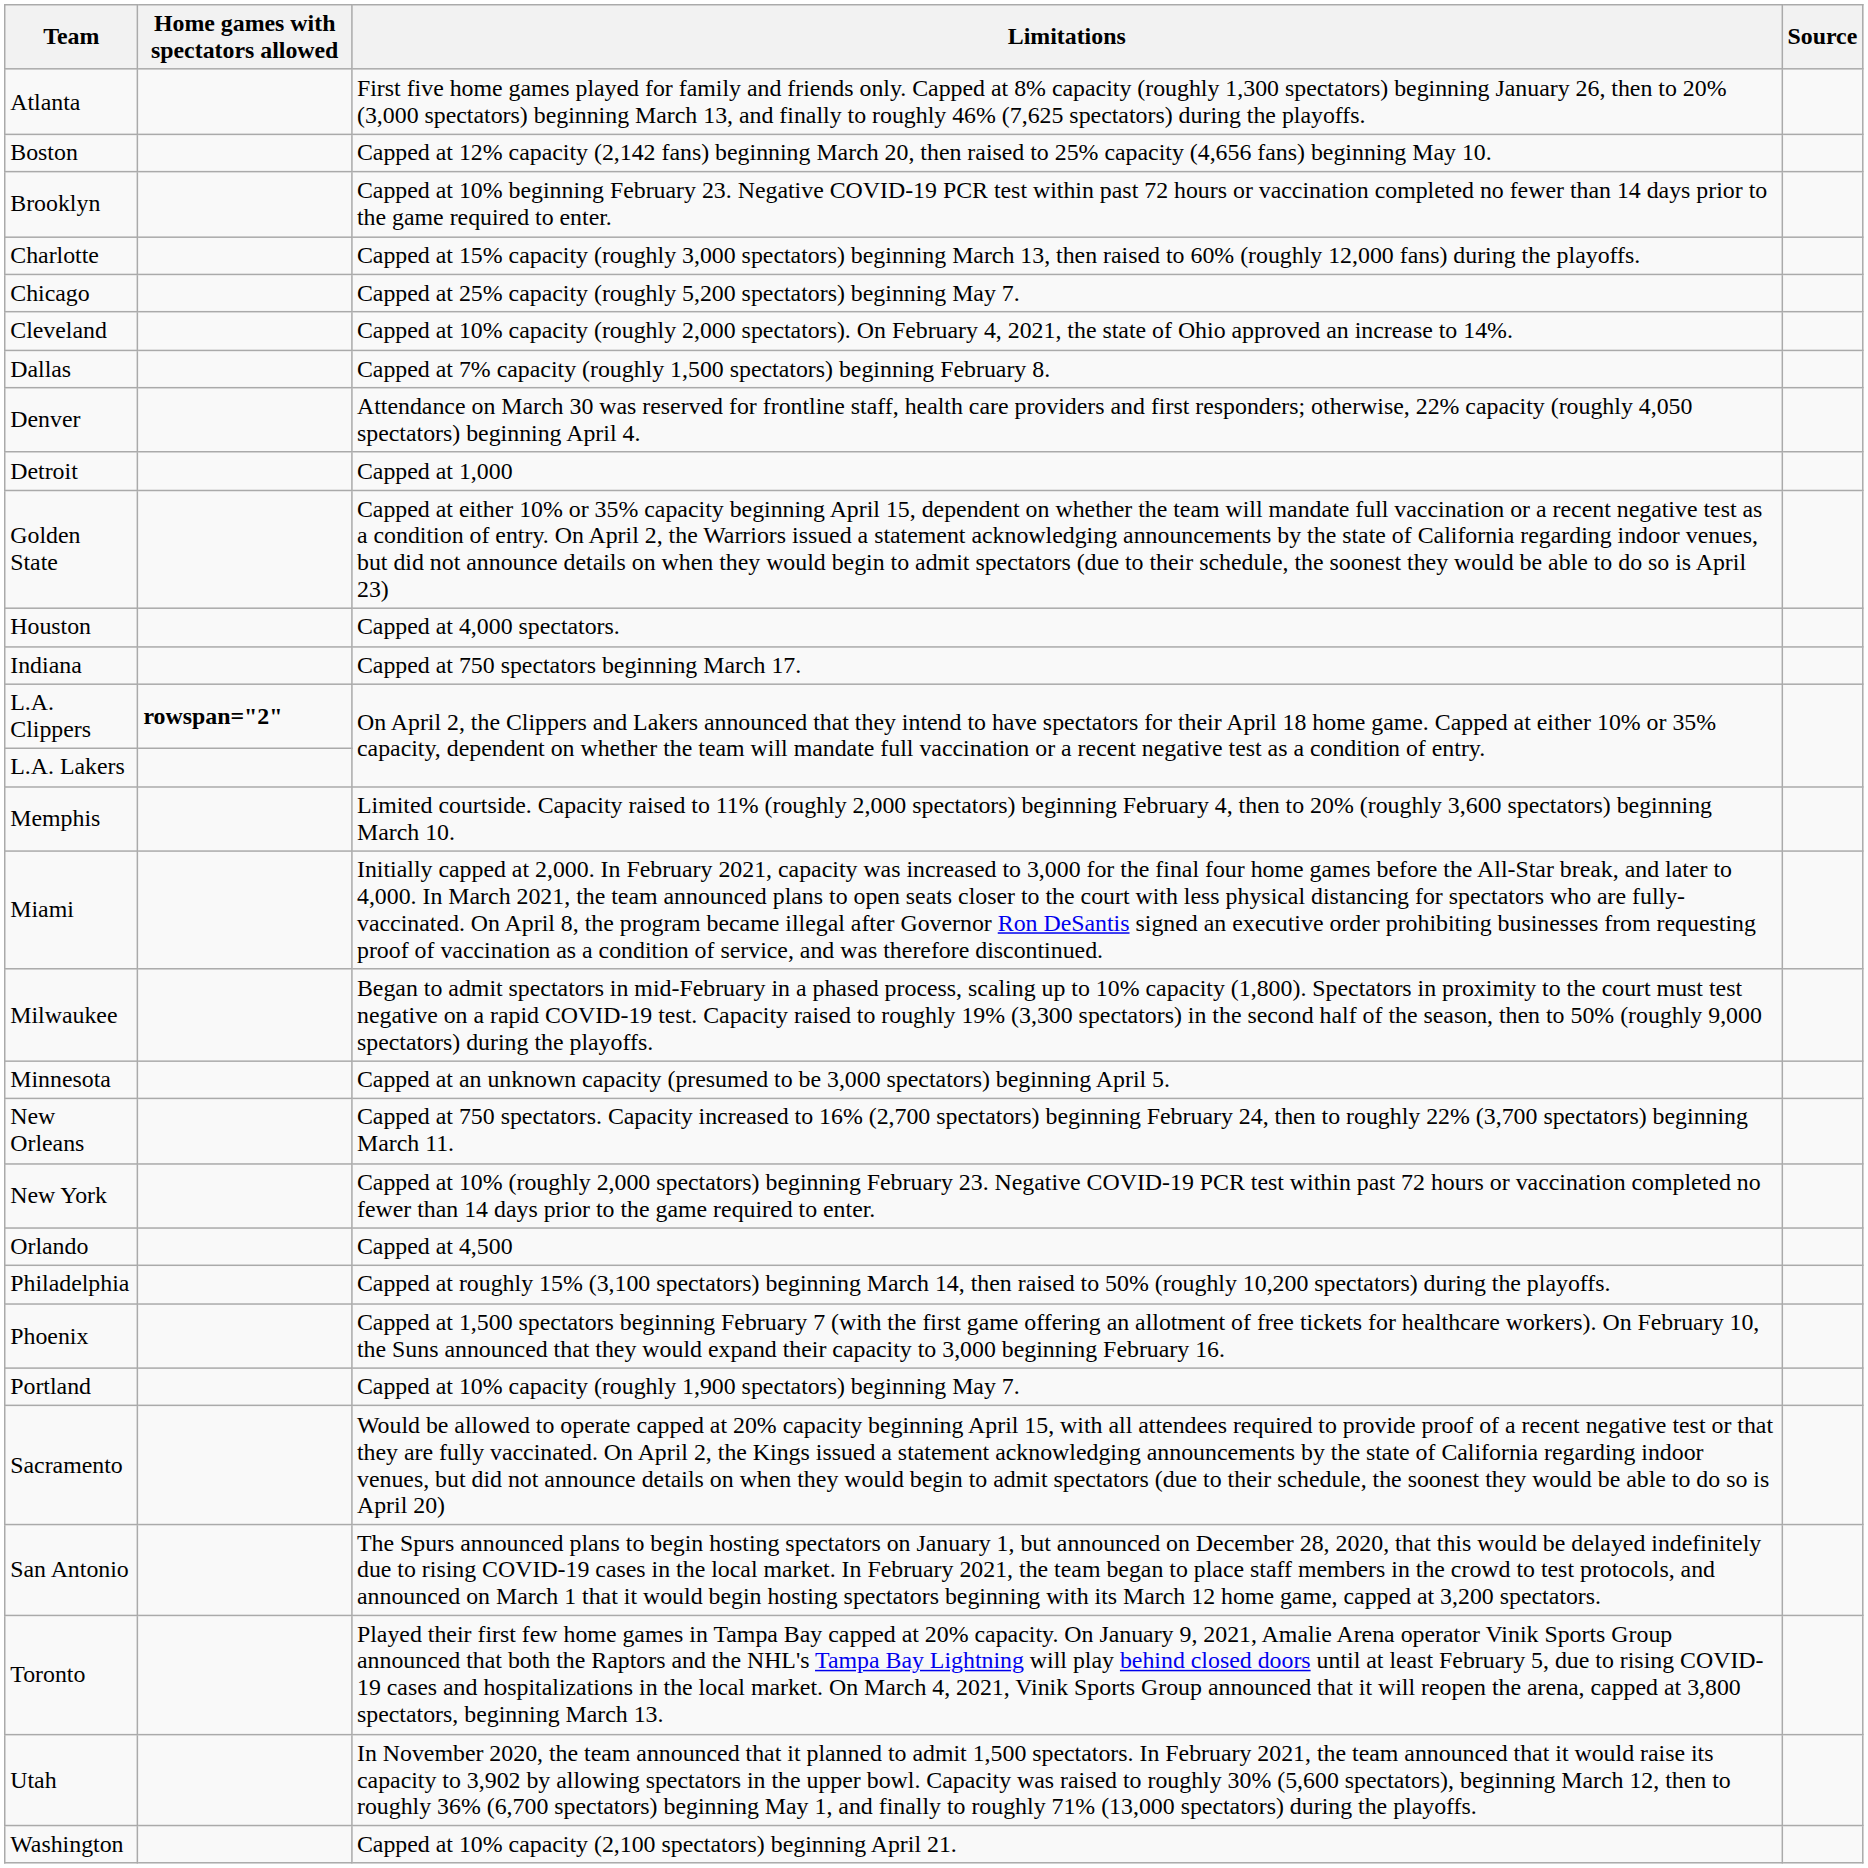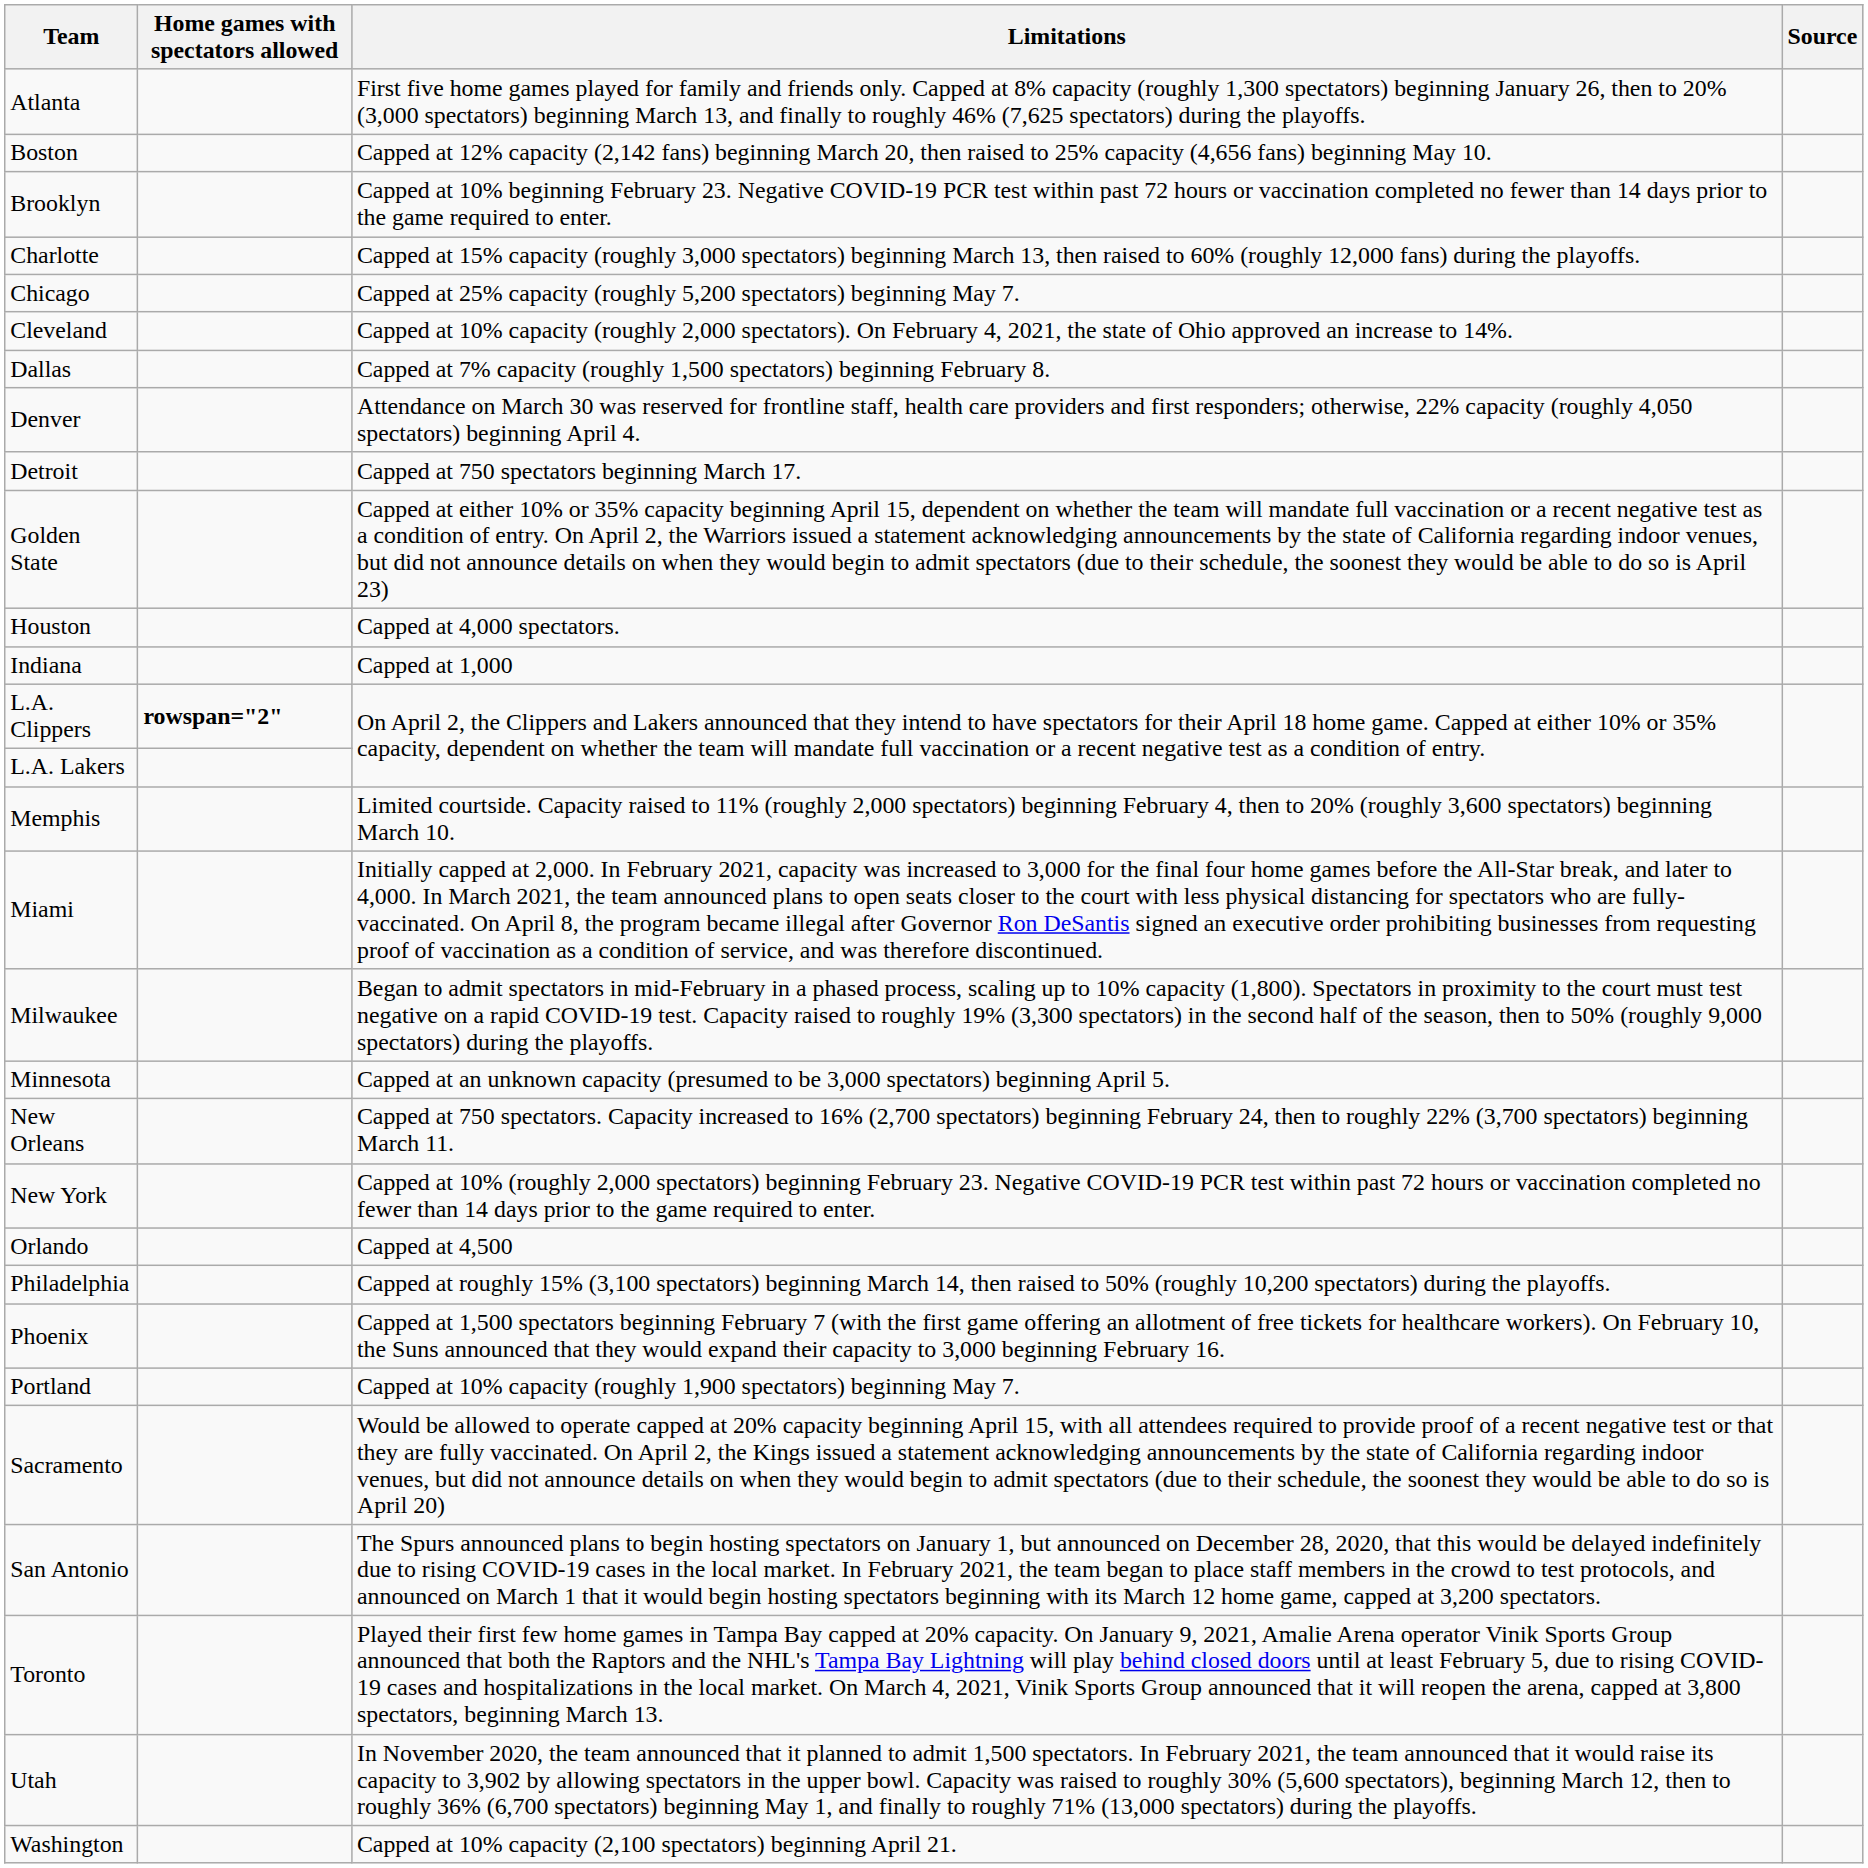 <table class="wikitable sortable">
 <tr>
 <th>Team</th>
 <th>Home games with spectators allowed</th>
 <th>Limitations</th>
 <th>Source</th>
 </tr>
 <tr>
 <td>Atlanta</td>
 <td></td>
 <td>First five home games played for family and friends only. Capped at 8% capacity (roughly 1,300 spectators) beginning January 26, then to 20% (3,000 spectators) beginning March 13, and finally to roughly 46% (7,625 spectators) during the playoffs.</td>
 <td></td>
 </tr>
 <tr>
 <td>Boston</td>
 <td></td>
 <td>Capped at 12% capacity (2,142 fans) beginning March 20, then raised to 25% capacity (4,656 fans) beginning May 10.</td>
 <td></td>
 </tr>
 <tr>
 <td>Brooklyn</td>
 <td></td>
 <td>Capped at 10% beginning February 23. Negative COVID-19 PCR test within past 72 hours or vaccination completed no fewer than 14 days prior to the game required to enter.</td>
 <td></td>
 </tr>
 <tr>
 <td>Charlotte</td>
 <td></td>
 <td>Capped at 15% capacity (roughly 3,000 spectators) beginning March 13, then raised to 60% (roughly 12,000 fans) during the playoffs.</td>
 <td></td>
 </tr>
 <tr>
 <td>Chicago</td>
 <td></td>
 <td>Capped at 25% capacity (roughly 5,200 spectators) beginning May 7.</td>
 <td></td>
 </tr>
 <tr>
 <td>Cleveland</td>
 <td></td>
 <td>Capped at 10% capacity (roughly 2,000 spectators). On February 4, 2021, the state of Ohio approved an increase to 14%.</td>
 <td></td>
 </tr>
 <tr>
 <td>Dallas</td>
 <td></td>
 <td>Capped at 7% capacity (roughly 1,500 spectators) beginning February 8.</td>
 <td></td>
 </tr>
 <tr>
 <td>Denver</td>
 <td></td>
 <td>Attendance on March 30 was reserved for frontline staff, health care providers and first responders; otherwise, 22% capacity (roughly 4,050 spectators) beginning April 4.</td>
 <td></td>
 </tr>
 <tr>
 <td>Detroit</td>
 <td></td>
-<td>Capped at 1,000</td>
+<td>Capped at 750 spectators beginning March 17.</td>
 <td></td>
 </tr>
 <tr>
 <td>Golden State</td>
 <td></td>
 <td>Capped at either 10% or 35% capacity beginning April 15, dependent on whether the team will mandate full vaccination or a recent negative test as a condition of entry. On April 2, the Warriors issued a statement acknowledging announcements by the state of California regarding indoor venues, but did not announce details on when they would begin to admit spectators (due to their schedule, the soonest they would be able to do so is April 23)</td>
 <td></td>
 </tr>
 <tr>
 <td>Houston</td>
 <td></td>
 <td>Capped at 4,000 spectators.</td>
 <td></td>
 </tr>
 <tr>
 <td>Indiana</td>
 <td></td>
-<td>Capped at 750 spectators beginning March 17.</td>
+<td>Capped at 1,000</td>
 <td></td>
 </tr>
 <tr>
 <td>L.A. Clippers</td>
 <td><strong>rowspan="2" </strong></td>
 <td rowspan="2">On April 2, the Clippers and Lakers announced that they intend to have spectators for their April 18 home game. Capped at either 10% or 35% capacity, dependent on whether the team will mandate full vaccination or a recent negative test as a condition of entry.</td>
 <td rowspan="2"></td>
 </tr>
 <tr>
 <td>L.A. Lakers</td>
 </tr>
 <tr>
 <td>Memphis</td>
 <td></td>
 <td>Limited courtside. Capacity raised to 11% (roughly 2,000 spectators) beginning February 4, then to 20% (roughly 3,600 spectators) beginning March 10.</td>
 <td></td>
 </tr>
 <tr>
 <td>Miami</td>
 <td></td>
 <td>Initially capped at 2,000. In February 2021, capacity was increased to 3,000 for the final four home games before the All-Star break, and later to 4,000. In March 2021, the team announced plans to open seats closer to the court with less physical distancing for spectators who are fully-vaccinated. On April 8, the program became illegal after Governor <a href='#'>Ron DeSantis</a> signed an executive order prohibiting businesses from requesting proof of vaccination as a condition of service, and was therefore discontinued.</td>
 <td></td>
 </tr>
 <tr>
 <td>Milwaukee</td>
 <td></td>
 <td>Began to admit spectators in mid-February in a phased process, scaling up to 10% capacity (1,800). Spectators in proximity to the court must test negative on a rapid COVID-19 test. Capacity raised to roughly 19% (3,300 spectators) in the second half of the season, then to 50% (roughly 9,000 spectators) during the playoffs.</td>
 <td></td>
 </tr>
 <tr>
 <td>Minnesota</td>
 <td></td>
 <td>Capped at an unknown capacity (presumed to be 3,000 spectators) beginning April 5.</td>
 <td></td>
 </tr>
 <tr>
 <td>New Orleans</td>
 <td></td>
 <td>Capped at 750 spectators. Capacity increased to 16% (2,700 spectators) beginning February 24, then to roughly 22% (3,700 spectators) beginning March 11.</td>
 <td></td>
 </tr>
 <tr>
 <td>New York</td>
 <td></td>
 <td>Capped at 10% (roughly 2,000 spectators) beginning February 23. Negative COVID-19 PCR test within past 72 hours or vaccination completed no fewer than 14 days prior to the game required to enter.</td>
 <td></td>
 </tr>
 <tr>
 <td>Orlando</td>
 <td></td>
 <td>Capped at 4,500</td>
 <td></td>
 </tr>
 <tr>
 <td>Philadelphia</td>
 <td></td>
 <td>Capped at roughly 15% (3,100 spectators) beginning March 14, then raised to 50% (roughly 10,200 spectators) during the playoffs.</td>
 <td></td>
 </tr>
 <tr>
 <td>Phoenix</td>
 <td></td>
 <td>Capped at 1,500 spectators beginning February 7 (with the first game offering an allotment of free tickets for healthcare workers). On February 10, the Suns announced that they would expand their capacity to 3,000 beginning February 16.</td>
 <td></td>
 </tr>
 <tr>
 <td>Portland</td>
 <td></td>
 <td>Capped at 10% capacity (roughly 1,900 spectators) beginning May 7.</td>
 <td></td>
 </tr>
 <tr>
 <td>Sacramento</td>
 <td></td>
 <td>Would be allowed to operate capped at 20% capacity beginning April 15, with all attendees required to provide proof of a recent negative test or that they are fully vaccinated. On April 2, the Kings issued a statement acknowledging announcements by the state of California regarding indoor venues, but did not announce details on when they would begin to admit spectators (due to their schedule, the soonest they would be able to do so is April 20)</td>
 <td></td>
 </tr>
 <tr>
 <td>San Antonio</td>
 <td></td>
 <td>The Spurs announced plans to begin hosting spectators on January 1, but announced on December 28, 2020, that this would be delayed indefinitely due to rising COVID-19 cases in the local market. In February 2021, the team began to place staff members in the crowd to test protocols, and announced on March 1 that it would begin hosting spectators beginning with its March 12 home game, capped at 3,200 spectators.</td>
 <td></td>
 </tr>
 <tr>
 <td>Toronto</td>
 <td></td>
 <td>Played their first few home games in Tampa Bay capped at 20% capacity. On January 9, 2021, Amalie Arena operator Vinik Sports Group announced that both the Raptors and the NHL's <a href='#'>Tampa Bay Lightning</a> will play <a href='#'>behind closed doors</a> until at least February 5, due to rising COVID-19 cases and hospitalizations in the local market. On March 4, 2021, Vinik Sports Group announced that it will reopen the arena, capped at 3,800 spectators, beginning March 13.</td>
 <td></td>
 </tr>
 <tr>
 <td>Utah</td>
 <td></td>
 <td>In November 2020, the team announced that it planned to admit 1,500 spectators. In February 2021, the team announced that it would raise its capacity to 3,902 by allowing spectators in the upper bowl. Capacity was raised to roughly 30% (5,600 spectators), beginning March 12, then to roughly 36% (6,700 spectators) beginning May 1, and finally to roughly 71% (13,000 spectators) during the playoffs.</td>
 <td></td>
 </tr>
 <tr>
 <td>Washington</td>
 <td></td>
 <td>Capped at 10% capacity (2,100 spectators) beginning April 21.</td>
 <td></td>
 </tr>
 </table>
